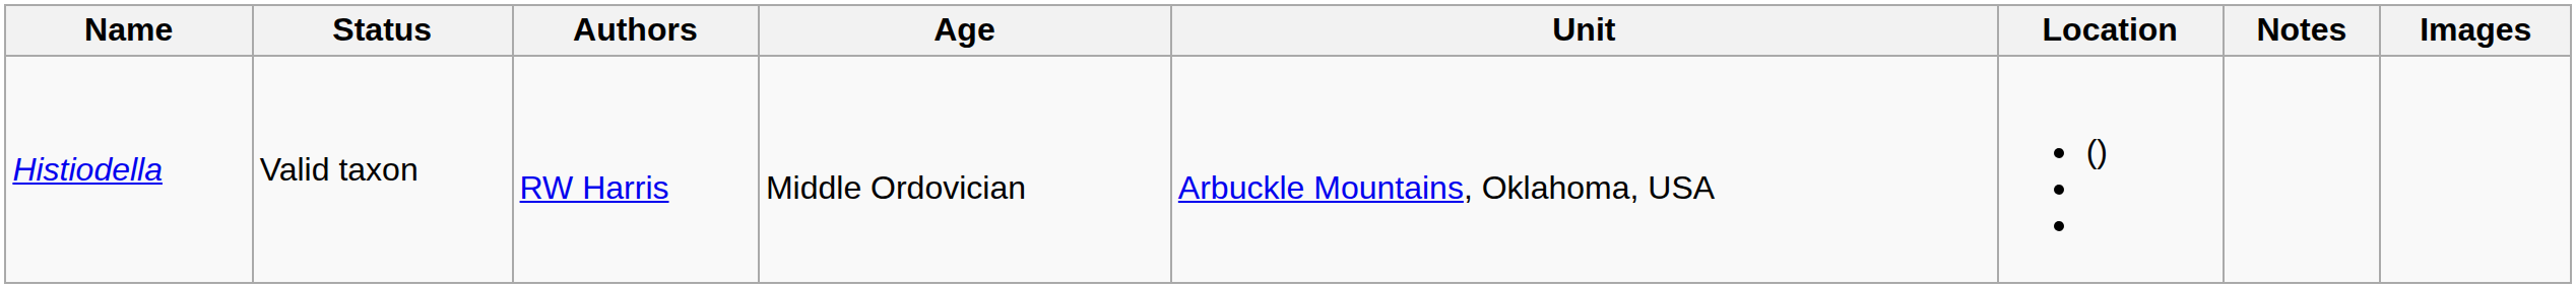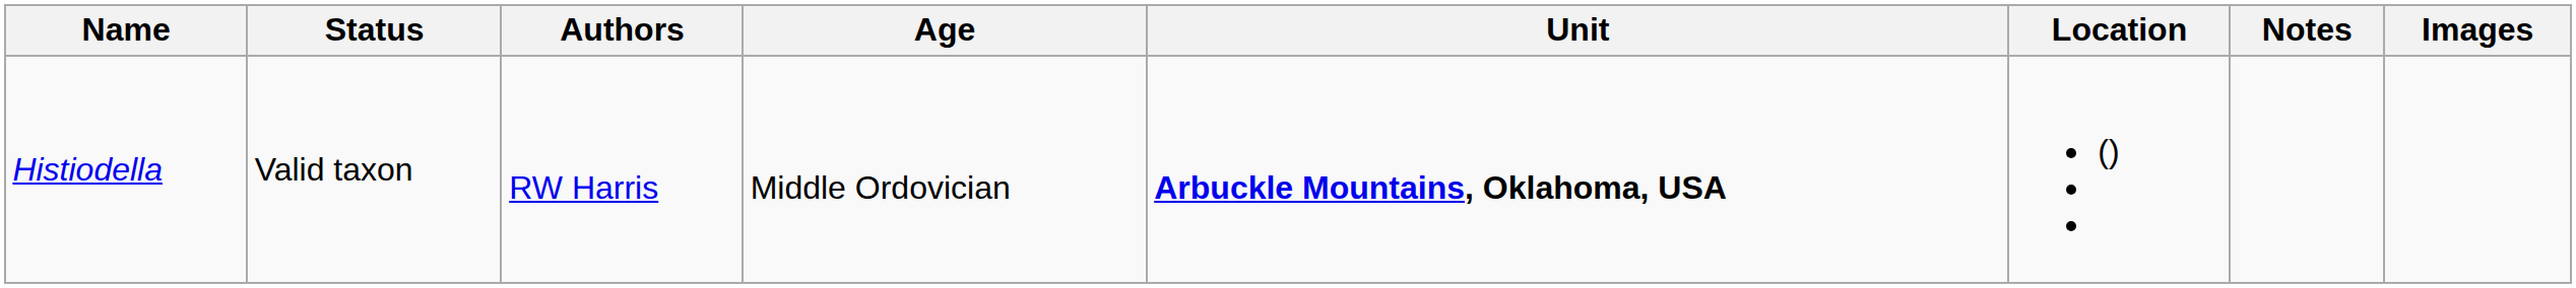 <table class="wikitable sortable" align="center" width="100%">
 <tr>
 <th>Name</th>
 <th>Status</th>
 <th>Authors</th>
 <th>Age</th>
 <th>Unit</th>
 <th>Location</th>
 <th class="unsortable">Notes</th>
 <th class="unsortable">Images</th>
 </tr>
 <tr>
 <td><em><a href='#'>Histiodella</a></em></td>
 <td>Valid taxon</td>
 <td><br><a href='#'>RW Harris</a></td>
 <td><br>Middle Ordovician</td>
-<td><br><a href='#'>Arbuckle Mountains</a>, Oklahoma, USA</td>
+<td><strong><br><a href='#'>Arbuckle Mountains</a>, Oklahoma, USA</strong></td>
 <td><br><ul><li> ()</li><li></li><li></li></ul></td>
 <td></td>
 <td></td>
 </tr>
 <tr>
 </tr>
 </table>
